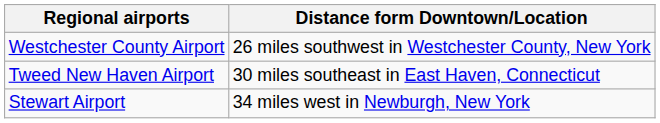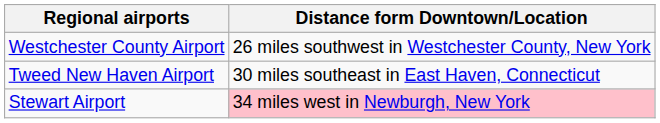 <table class="wikitable">
 <tr>
 <th>Regional airports</th>
 <th>Distance form Downtown/Location</th>
 </tr>
 <tr>
 <td><a href='#'>Westchester County Airport</a></td>
 <td>26 miles southwest in <a href='#'>Westchester County, New York</a></td>
 </tr>
 <tr>
 <td><a href='#'>Tweed New Haven Airport</a></td>
 <td>30 miles southeast in <a href='#'>East Haven, Connecticut</a></td>
 </tr>
 <tr>
 <td><a href='#'>Stewart Airport</a></td>
-<td>34 miles west in <a href='#'>Newburgh, New York</a></td>
+<td style="background: pink;">34 miles west in <a href='#'>Newburgh, New York</a></td>
 </tr>
 </table>
